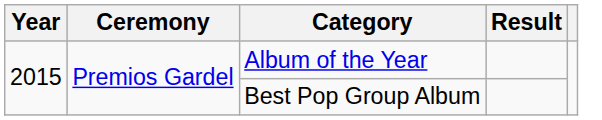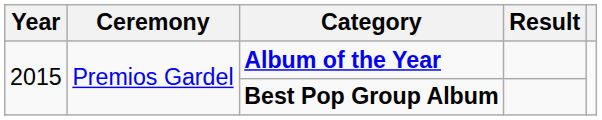 <table class="wikitable sortable plainrowheaders">
 <tr>
 <th scope="col">Year</th>
 <th scope="col">Ceremony</th>
 <th scope="col">Category</th>
 <th scope="col">Result</th>
 <th scope="col" class="unsortable"></th>
 </tr>
 <tr>
 <td rowspan="2" align="center">2015</td>
 <td rowspan="2"><a href='#'>Premios Gardel</a></td>
-<td><a href='#'>Album of the Year</a></td>
+<td><strong><a href='#'>Album of the Year</a></strong></td>
 <td></td>
 <td rowspan="2" align="center"></td>
 </tr>
 <tr>
-<td>Best Pop Group Album</td>
+<td><strong>Best Pop Group Album</strong></td>
 <td></td>
 </tr>
 </table>
